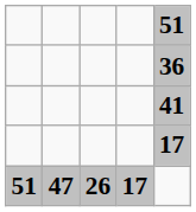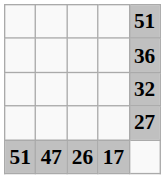 <table class="wikitable" style="text-align:center;">
 <tr>
 <td></td>
 <td></td>
 <td></td>
 <td></td>
 <td style="background:silver"><strong>51</strong></td>
 </tr>
 <tr>
 <td></td>
 <td></td>
 <td></td>
 <td></td>
 <td style="background:silver"><strong>36</strong></td>
 </tr>
 <tr>
 <td></td>
 <td></td>
 <td></td>
 <td></td>
-<td style="background:silver"><strong>41</strong></td>
+<td style="background:silver"><strong>32</strong></td>
 </tr>
 <tr>
 <td></td>
 <td></td>
 <td></td>
 <td></td>
-<td style="background:silver"><strong>17</strong></td>
+<td style="background:silver"><strong>27</strong></td>
 </tr>
 <tr>
 <td style="background:silver"><strong>51</strong></td>
 <td style="background:silver"><strong>47</strong></td>
 <td style="background:silver"><strong>26</strong></td>
 <td style="background:silver"><strong>17</strong></td>
 <td></td>
 </tr>
 </table>
